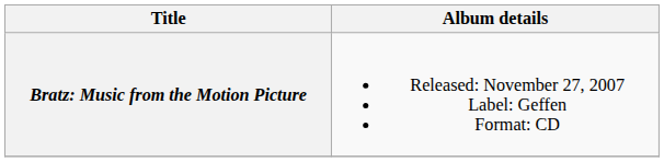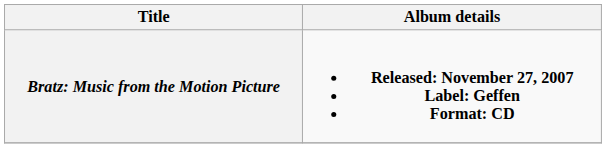 <table class="wikitable plainrowheaders" style="text-align:center;">
 <tr>
 <th scope="col" style="width:18em;">Title</th>
 <th scope="col" style="width:18em;">Album details</th>
 </tr>
 <tr>
 <th scope="row"><em>Bratz: Music from the Motion Picture</em></th>
-<td><br><ul><li>Released: November 27, 2007</li><li>Label: Geffen</li><li>Format: CD</li></ul></td>
+<td><strong><br><ul><li>Released: November 27, 2007</li><li>Label: Geffen</li><li>Format: CD</li></ul></strong></td>
 </tr>
 <tr>
 </tr>
 </table>
